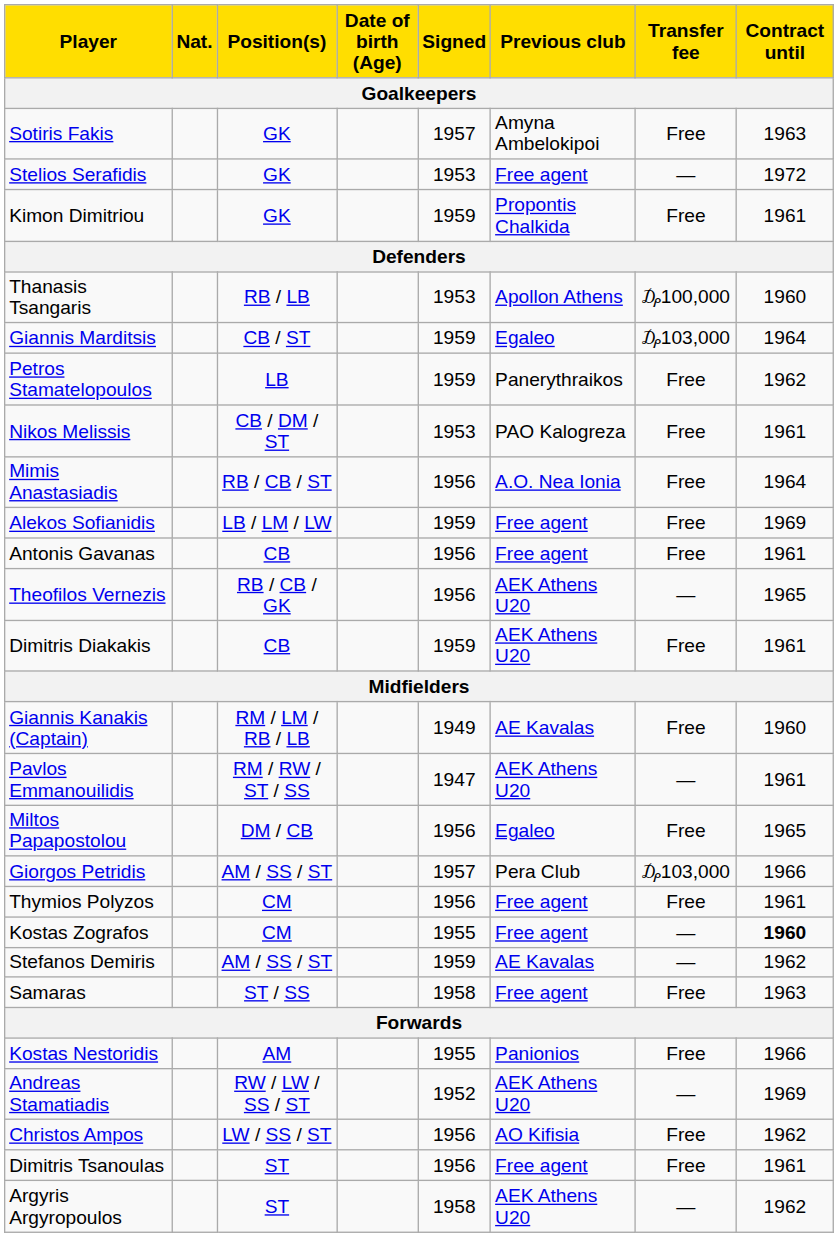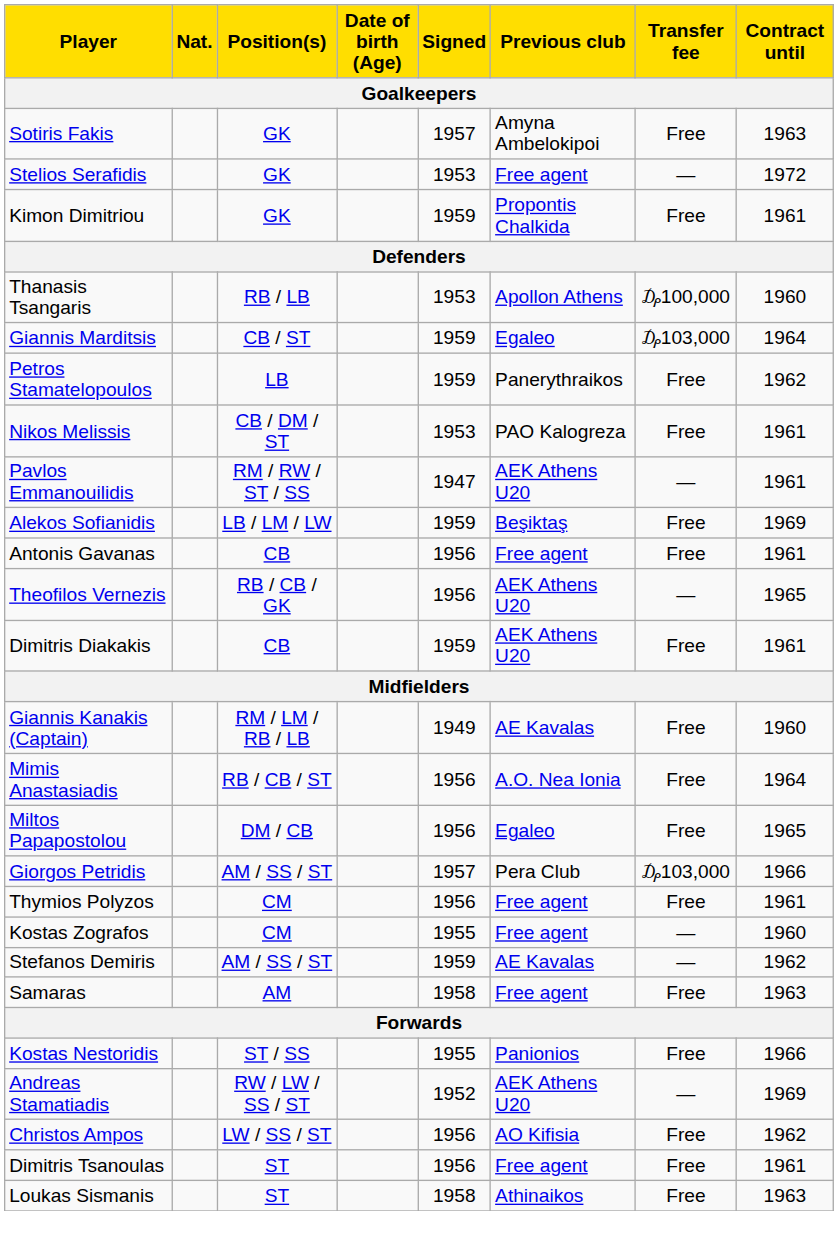 <table class="wikitable" style="text-align:center; font-size:90%;width:100%;">
 <tr>
 <th style="background:#FFDE00">Player</th>
 <th style="background:#FFDE00">Nat.</th>
 <th style="background:#FFDE00">Position(s)</th>
 <th style="background:#FFDE00">Date of birth (Age)</th>
 <th style="background:#FFDE00">Signed</th>
 <th style="background:#FFDE00">Previous club</th>
 <th style="background:#FFDE00">Transfer fee</th>
 <th style="background:#FFDE00">Contract until</th>
 </tr>
 <tr>
 <th colspan="8">Goalkeepers</th>
 </tr>
 <tr>
 <td align=left><a href='#'>Sotiris Fakis</a></td>
 <td></td>
 <td><a href='#'>GK</a></td>
 <td></td>
 <td>1957</td>
 <td align=left> Amyna Ambelokipoi</td>
 <td>Free</td>
 <td>1963</td>
 </tr>
 <tr>
 <td align=left><a href='#'>Stelios Serafidis</a></td>
 <td></td>
 <td><a href='#'>GK</a></td>
 <td></td>
 <td>1953</td>
 <td align=left><a href='#'>Free agent</a></td>
 <td>—</td>
 <td>1972</td>
 </tr>
 <tr>
 <td align=left>Kimon Dimitriou</td>
 <td></td>
 <td><a href='#'>GK</a></td>
 <td></td>
 <td>1959</td>
 <td align=left> <a href='#'>Propontis Chalkida</a></td>
 <td>Free</td>
 <td>1961</td>
 </tr>
 <tr>
 <th colspan="8">Defenders</th>
 </tr>
 <tr>
 <td align=left>Thanasis Tsangaris</td>
 <td></td>
 <td><a href='#'>RB</a> / <a href='#'>LB</a></td>
 <td></td>
 <td>1953</td>
 <td align=left> <a href='#'>Apollon Athens</a></td>
 <td>₯100,000</td>
 <td>1960</td>
 </tr>
 <tr>
 <td align=left><a href='#'>Giannis Marditsis</a></td>
 <td></td>
 <td><a href='#'>CB</a> / <a href='#'>ST</a></td>
 <td></td>
 <td>1959</td>
 <td align=left> <a href='#'>Egaleo</a></td>
 <td>₯103,000</td>
 <td>1964</td>
 </tr>
 <tr>
 <td align=left><a href='#'>Petros Stamatelopoulos</a></td>
 <td></td>
 <td><a href='#'>LB</a></td>
 <td></td>
 <td>1959</td>
 <td align=left> Panerythraikos</td>
 <td>Free</td>
 <td>1962</td>
 </tr>
 <tr>
 <td align=left><a href='#'>Nikos Melissis</a></td>
 <td></td>
 <td><a href='#'>CB</a> / <a href='#'>DM</a> / <a href='#'>ST</a></td>
 <td></td>
 <td>1953</td>
 <td align=left> PAO Kalogreza</td>
 <td>Free</td>
 <td>1961</td>
 </tr>
 <tr>
-<td align=left><a href='#'>Mimis Anastasiadis</a></td>
+<td align=left><a href='#'>Pavlos Emmanouilidis</a></td>
 <td></td>
-<td><a href='#'>RB</a> / <a href='#'>CB</a> / <a href='#'>ST</a></td>
+<td><a href='#'>RM</a> / <a href='#'>RW</a> / <a href='#'>ST</a> / <a href='#'>SS</a></td>
 <td></td>
-<td>1956</td>
-<td align=left> <a href='#'>A.O. Nea Ionia</a></td>
-<td>Free</td>
-<td>1964</td>
+<td>1947</td>
+<td align=left> <a href='#'>AEK Athens U20</a></td>
+<td>—</td>
+<td>1961</td>
 </tr>
 <tr>
 <td align=left><a href='#'>Alekos Sofianidis</a></td>
 <td></td>
 <td><a href='#'>LB</a> / <a href='#'>LM</a> / <a href='#'>LW</a></td>
 <td></td>
 <td>1959</td>
-<td align=left><a href='#'>Free agent</a></td>
+<td align=left> <a href='#'>Beşiktaş</a></td>
 <td>Free</td>
 <td>1969</td>
 </tr>
 <tr>
 <td align=left>Antonis Gavanas</td>
 <td></td>
 <td><a href='#'>CB</a></td>
 <td></td>
 <td>1956</td>
 <td align=left><a href='#'>Free agent</a></td>
 <td>Free</td>
 <td>1961</td>
 </tr>
 <tr>
 <td align=left><a href='#'>Theofilos Vernezis</a></td>
 <td></td>
 <td><a href='#'>RB</a> / <a href='#'>CB</a> / <a href='#'>GK</a></td>
 <td></td>
 <td>1956</td>
 <td align=left> <a href='#'>AEK Athens U20</a></td>
 <td>—</td>
 <td>1965</td>
 </tr>
 <tr>
 <td align=left>Dimitris Diakakis</td>
 <td></td>
 <td><a href='#'>CB</a></td>
 <td></td>
 <td>1959</td>
 <td align=left> <a href='#'>AEK Athens U20</a></td>
 <td>Free</td>
 <td>1961</td>
 </tr>
 <tr>
 <th colspan="8">Midfielders</th>
 </tr>
 <tr>
 <td align=left><a href='#'>Giannis Kanakis</a> <a href='#'>(Captain)</a></td>
 <td></td>
 <td><a href='#'>RM</a> / <a href='#'>LM</a> / <a href='#'>RB</a> / <a href='#'>LB</a></td>
 <td></td>
 <td>1949</td>
 <td align=left> <a href='#'>AE Kavalas</a></td>
 <td>Free</td>
 <td>1960</td>
 </tr>
 <tr>
-<td align=left><a href='#'>Pavlos Emmanouilidis</a></td>
+<td align=left><a href='#'>Mimis Anastasiadis</a></td>
 <td></td>
-<td><a href='#'>RM</a> / <a href='#'>RW</a> / <a href='#'>ST</a> / <a href='#'>SS</a></td>
+<td><a href='#'>RB</a> / <a href='#'>CB</a> / <a href='#'>ST</a></td>
 <td></td>
-<td>1947</td>
-<td align=left> <a href='#'>AEK Athens U20</a></td>
-<td>—</td>
-<td>1961</td>
+<td>1956</td>
+<td align=left> <a href='#'>A.O. Nea Ionia</a></td>
+<td>Free</td>
+<td>1964</td>
 </tr>
 <tr>
 <td align=left><a href='#'>Miltos Papapostolou</a></td>
 <td></td>
 <td><a href='#'>DM</a> / <a href='#'>CB</a></td>
 <td></td>
 <td>1956</td>
 <td align=left> <a href='#'>Egaleo</a></td>
 <td>Free</td>
 <td>1965</td>
 </tr>
 <tr>
 <td align=left><a href='#'>Giorgos Petridis</a></td>
 <td></td>
 <td><a href='#'>AM</a> / <a href='#'>SS</a> / <a href='#'>ST</a></td>
 <td></td>
 <td>1957</td>
 <td align=left> Pera Club</td>
 <td>₯103,000</td>
 <td>1966</td>
 </tr>
 <tr>
 <td align=left>Thymios Polyzos</td>
 <td></td>
 <td><a href='#'>CM</a></td>
 <td></td>
 <td>1956</td>
 <td align=left><a href='#'>Free agent</a></td>
 <td>Free</td>
 <td>1961</td>
 </tr>
 <tr>
 <td align=left>Kostas Zografos</td>
 <td></td>
 <td><a href='#'>CM</a></td>
 <td></td>
 <td>1955</td>
 <td align=left><a href='#'>Free agent</a></td>
 <td>—</td>
-<td><strong>1960</strong></td>
+<td>1960</td>
 </tr>
 <tr>
 <td align=left>Stefanos Demiris</td>
 <td></td>
 <td><a href='#'>AM</a> / <a href='#'>SS</a> / <a href='#'>ST</a></td>
 <td></td>
 <td>1959</td>
 <td align=left> <a href='#'>AE Kavalas</a></td>
 <td>—</td>
 <td>1962</td>
 </tr>
 <tr>
 <td align=left>Samaras</td>
 <td></td>
-<td><a href='#'>ST</a> / <a href='#'>SS</a></td>
+<td><a href='#'>AM</a></td>
 <td></td>
 <td>1958</td>
 <td align=left><a href='#'>Free agent</a></td>
 <td>Free</td>
 <td>1963</td>
 </tr>
 <tr>
 <th colspan="8">Forwards</th>
 </tr>
 <tr>
 <td align=left><a href='#'>Kostas Nestoridis</a></td>
 <td></td>
-<td><a href='#'>AM</a></td>
+<td><a href='#'>ST</a> / <a href='#'>SS</a></td>
 <td></td>
 <td>1955</td>
 <td align=left> <a href='#'>Panionios</a></td>
 <td>Free</td>
 <td>1966</td>
 </tr>
 <tr>
 <td align=left><a href='#'>Andreas Stamatiadis</a></td>
 <td></td>
 <td><a href='#'>RW</a> / <a href='#'>LW</a> / <a href='#'>SS</a> / <a href='#'>ST</a></td>
 <td></td>
 <td>1952</td>
 <td align=left> <a href='#'>AEK Athens U20</a></td>
 <td>—</td>
 <td>1969</td>
 </tr>
 <tr>
 <td align=left><a href='#'>Christos Ampos</a></td>
 <td></td>
 <td><a href='#'>LW</a> / <a href='#'>SS</a> / <a href='#'>ST</a></td>
 <td></td>
 <td>1956</td>
 <td align=left> <a href='#'>AO Kifisia</a></td>
 <td>Free</td>
 <td>1962</td>
 </tr>
 <tr>
 <td align=left>Dimitris Tsanoulas</td>
 <td></td>
 <td><a href='#'>ST</a></td>
 <td></td>
 <td>1956</td>
 <td align=left><a href='#'>Free agent</a></td>
 <td>Free</td>
 <td>1961</td>
 </tr>
 <tr>
-<td align=left>Argyris Argyropoulos</td>
+<td align=left>Loukas Sismanis</td>
 <td></td>
 <td><a href='#'>ST</a></td>
 <td></td>
 <td>1958</td>
-<td align=left> <a href='#'>AEK Athens U20</a></td>
-<td>—</td>
-<td>1962</td>
+<td align=left> <a href='#'>Athinaikos</a></td>
+<td>Free</td>
+<td>1963</td>
 </tr>
 </table>
